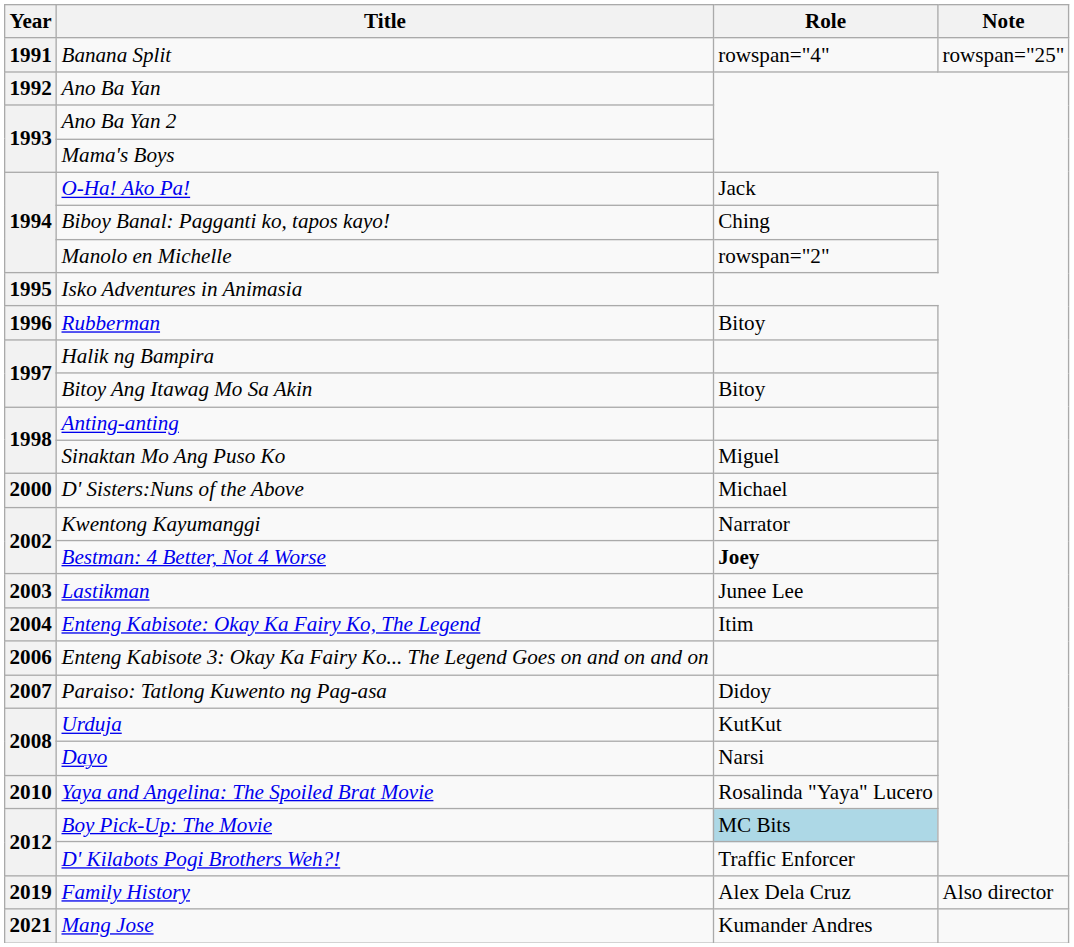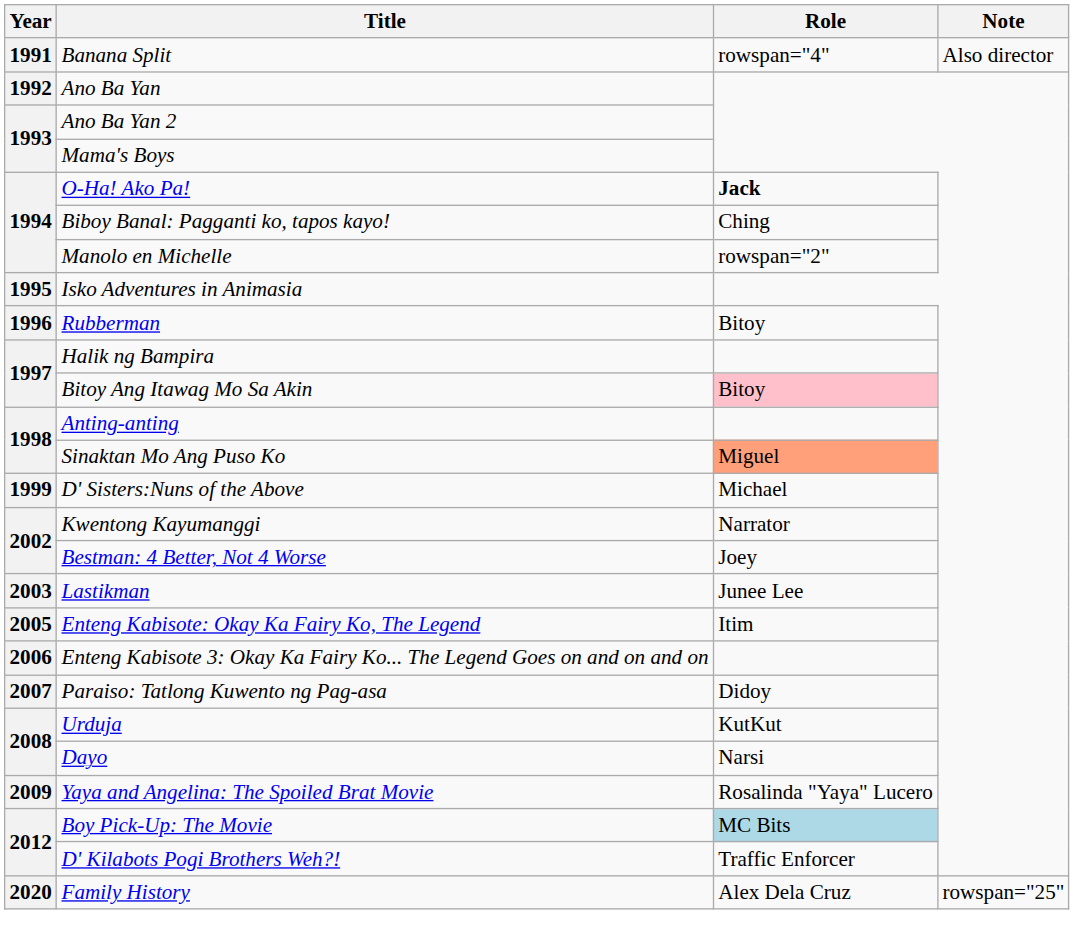 <table class="wikitable sortable plainrowheaders">
 <tr>
 <th scope="col">Year</th>
 <th scope="col">Title</th>
 <th scope="col">Role</th>
 <th scope="col">Note</th>
 </tr>
 <tr>
 <th scope="row">1991</th>
 <td><em>Banana Split</em></td>
 <td>rowspan="4" </td>
-<td>rowspan="25" </td>
+<td>Also director</td>
 </tr>
 <tr>
 <th scope="row">1992</th>
 <td><em>Ano Ba Yan</em></td>
 </tr>
 <tr>
 <th rowspan="2" scope="row">1993</th>
 <td><em>Ano Ba Yan 2</em></td>
 </tr>
 <tr>
 <td><em>Mama's Boys</em></td>
 </tr>
 <tr>
 <th rowspan="3" scope="row">1994</th>
 <td><em><a href='#'>O-Ha! Ako Pa!</a></em></td>
-<td>Jack</td>
+<td><strong>Jack</strong></td>
 </tr>
 <tr>
 <td><em>Biboy Banal: Pagganti ko, tapos kayo!</em></td>
 <td>Ching</td>
 </tr>
 <tr>
 <td><em>Manolo en Michelle</em></td>
 <td>rowspan="2" </td>
 </tr>
 <tr>
 <th scope="row">1995</th>
 <td><em>Isko Adventures in Animasia</em></td>
 </tr>
 <tr>
 <th scope="row">1996</th>
 <td><em><a href='#'>Rubberman</a></em></td>
 <td>Bitoy</td>
 </tr>
 <tr>
 <th rowspan="2" scope="row">1997</th>
 <td><em>Halik ng Bampira</em></td>
 <td></td>
 </tr>
 <tr>
 <td><em>Bitoy Ang Itawag Mo Sa Akin</em></td>
-<td>Bitoy</td>
+<td style="background: pink;">Bitoy</td>
 </tr>
 <tr>
 <th rowspan="2" scope="row">1998</th>
 <td><em><a href='#'>Anting-anting</a></em></td>
 <td></td>
 </tr>
 <tr>
 <td><em>Sinaktan Mo Ang Puso Ko</em></td>
-<td>Miguel</td>
+<td style="background: lightsalmon;">Miguel</td>
 </tr>
 <tr>
-<th scope="row">2000</th>
+<th scope="row">1999</th>
 <td><em>D' Sisters:Nuns of the Above</em></td>
 <td>Michael</td>
 </tr>
 <tr>
 <th rowspan="2" scope="row">2002</th>
 <td><em>Kwentong Kayumanggi</em></td>
 <td>Narrator</td>
 </tr>
 <tr>
 <td><em><a href='#'>Bestman: 4 Better, Not 4 Worse</a></em></td>
-<td><strong>Joey</strong></td>
+<td>Joey</td>
 </tr>
 <tr>
 <th scope="row">2003</th>
 <td><em><a href='#'>Lastikman</a></em></td>
 <td>Junee Lee</td>
 </tr>
 <tr>
-<th scope="row">2004</th>
+<th scope="row">2005</th>
 <td><em><a href='#'>Enteng Kabisote: Okay Ka Fairy Ko, The Legend</a></em></td>
 <td>Itim</td>
 </tr>
 <tr>
 <th scope="row">2006</th>
 <td><em>Enteng Kabisote 3: Okay Ka Fairy Ko... The Legend Goes on and on and on</em></td>
 <td></td>
 </tr>
 <tr>
 <th scope="row">2007</th>
 <td><em>Paraiso: Tatlong Kuwento ng Pag-asa</em></td>
 <td>Didoy</td>
 </tr>
 <tr>
 <th rowspan="2" scope="row">2008</th>
 <td><em><a href='#'>Urduja</a></em></td>
 <td>KutKut</td>
 </tr>
 <tr>
 <td><em><a href='#'>Dayo</a></em></td>
 <td>Narsi</td>
 </tr>
 <tr>
-<th scope="row">2010</th>
+<th scope="row">2009</th>
 <td><em><a href='#'>Yaya and Angelina: The Spoiled Brat Movie</a></em></td>
 <td>Rosalinda "Yaya" Lucero</td>
 </tr>
 <tr>
 <th rowspan="2" scope="row">2012</th>
 <td><em><a href='#'>Boy Pick-Up: The Movie</a></em></td>
 <td style="background: lightblue;">MC Bits</td>
 </tr>
 <tr>
 <td><em><a href='#'>D' Kilabots Pogi Brothers Weh?!</a></em></td>
 <td>Traffic Enforcer</td>
 </tr>
 <tr>
-<th scope="row">2019</th>
+<th scope="row">2020</th>
 <td><em><a href='#'>Family History</a></em></td>
 <td>Alex Dela Cruz</td>
-<td>Also director</td>
-</tr>
-<tr>
-<th scope="row">2021</th>
-<td><em><a href='#'>Mang Jose</a></em></td>
-<td>Kumander Andres</td>
-<td></td>
+<td>rowspan="25" </td>
 </tr>
 </table>
